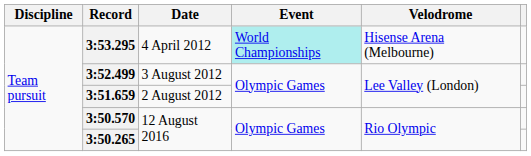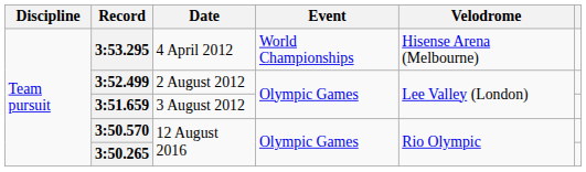 <table class="wikitable">
 <tr>
 <th>Discipline</th>
 <th>Record</th>
 <th>Date</th>
 <th>Event</th>
 <th>Velodrome</th>
 <th></th>
 </tr>
 <tr>
 <td rowspan="5"><a href='#'>Team pursuit</a></td>
 <th scope="row" style="text-align:left;">3:53.295</th>
 <td>4 April 2012</td>
-<td style="background: paleturquoise;"><a href='#'>World Championships</a></td>
+<td><a href='#'>World Championships</a></td>
 <td><a href='#'>Hisense Arena</a> (Melbourne)</td>
 <td style="text-align:center;"></td>
 </tr>
 <tr>
 <th scope="row" style="text-align:left;">3:52.499</th>
-<td>3 August 2012</td>
+<td>2 August 2012</td>
 <td rowspan="2"><a href='#'>Olympic Games</a></td>
 <td rowspan="2"><a href='#'>Lee Valley</a> (London)</td>
 <td style="text-align:center;"></td>
 </tr>
 <tr>
 <th scope="row" style="text-align:left;">3:51.659</th>
-<td>2 August 2012</td>
+<td>3 August 2012</td>
 <td style="text-align:center;"></td>
 </tr>
 <tr>
 <th scope="row" style="text-align:left;">3:50.570</th>
 <td rowspan="2">12 August 2016</td>
 <td rowspan="2"><a href='#'>Olympic Games</a></td>
 <td rowspan="2"><a href='#'>Rio Olympic</a></td>
 <td style="text-align:center;"></td>
 </tr>
 <tr>
 <th scope="row" style="text-align:left;">3:50.265</th>
 <td style="text-align:center;"></td>
 </tr>
 </table>
